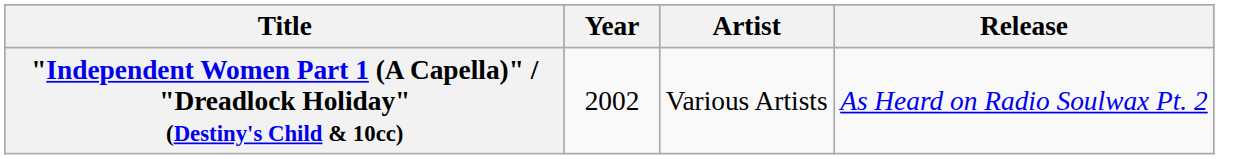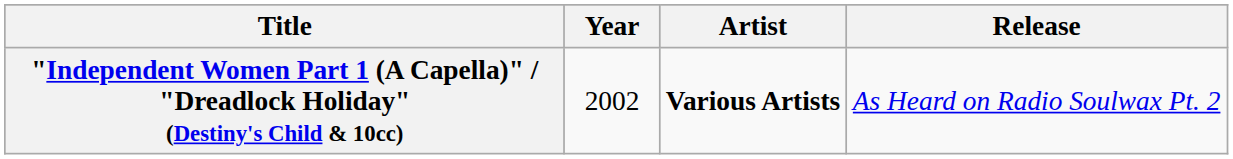 <table class="wikitable plainrowheaders" style="text-align: center;">
 <tr>
 <th scope="col" style="width:20em;">Title</th>
 <th scope="col" style="width:3em;">Year</th>
 <th scope="col">Artist</th>
 <th scope="col">Release</th>
 </tr>
 <tr>
 <th scope="row">"<a href='#'>Independent Women Part 1</a> (A Capella)" / "Dreadlock Holiday"<br><small>(<a href='#'>Destiny's Child</a> & 10cc)</small></th>
 <td rowspan="2">2002</td>
-<td rowspan="1">Various Artists</td>
+<td rowspan="1"><strong>Various Artists</strong></td>
 <td><em><a href='#'>As Heard on Radio Soulwax Pt. 2</a></em></td>
 </tr>
 </table>
